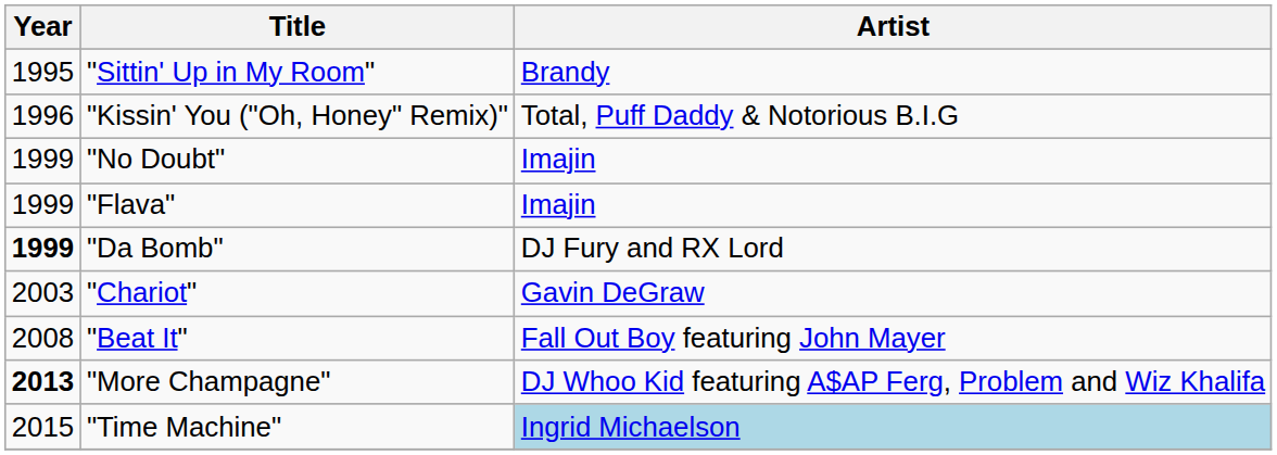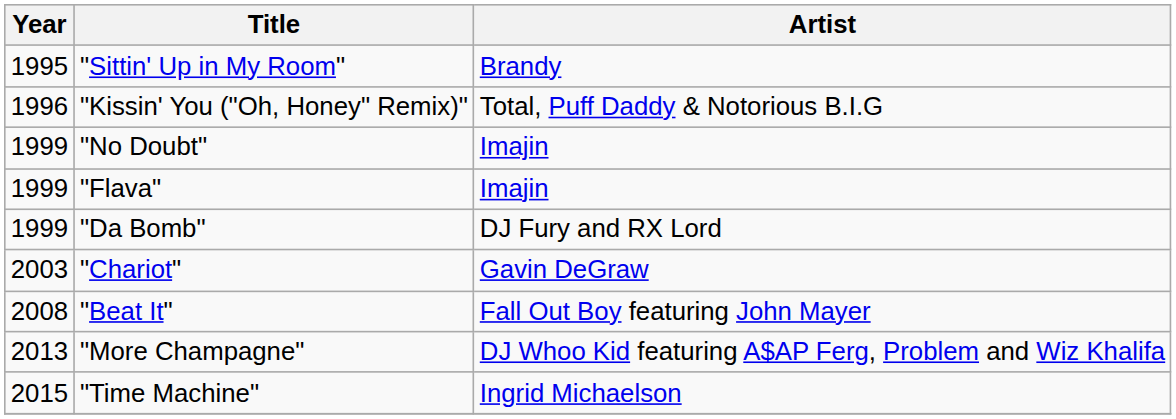 <table class="wikitable sortable">
 <tr>
 <th>Year</th>
 <th>Title</th>
 <th>Artist</th>
 </tr>
 <tr>
 <td>1995</td>
 <td>"<a href='#'>Sittin' Up in My Room</a>"</td>
 <td><a href='#'>Brandy</a></td>
 </tr>
 <tr>
 <td>1996</td>
 <td>"Kissin' You ("Oh, Honey" Remix)"</td>
 <td>Total, <a href='#'>Puff Daddy</a> & Notorious B.I.G</td>
 </tr>
 <tr>
 <td>1999</td>
 <td>"No Doubt"</td>
 <td><a href='#'>Imajin</a></td>
 </tr>
 <tr>
 <td>1999</td>
 <td>"Flava"</td>
 <td><a href='#'>Imajin</a></td>
 </tr>
 <tr>
-<td><strong>1999</strong></td>
+<td>1999</td>
 <td>"Da Bomb"</td>
 <td>DJ Fury and RX Lord</td>
 </tr>
 <tr>
 <td>2003</td>
 <td>"<a href='#'>Chariot</a>"</td>
 <td><a href='#'>Gavin DeGraw</a></td>
 </tr>
 <tr>
 <td>2008</td>
 <td>"<a href='#'>Beat It</a>"</td>
 <td><a href='#'>Fall Out Boy</a> featuring <a href='#'>John Mayer</a></td>
 </tr>
 <tr>
-<td><strong>2013</strong></td>
+<td>2013</td>
 <td>"More Champagne"</td>
 <td><a href='#'>DJ Whoo Kid</a> featuring <a href='#'>A$AP Ferg</a>, <a href='#'>Problem</a> and <a href='#'>Wiz Khalifa</a></td>
 </tr>
 <tr>
 <td>2015</td>
 <td>"Time Machine"</td>
-<td style="background: lightblue;"><a href='#'>Ingrid Michaelson</a></td>
+<td><a href='#'>Ingrid Michaelson</a></td>
 </tr>
 <tr>
 </tr>
 </table>
